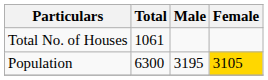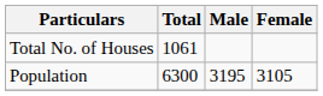 <table class="wikitable sortable">
 <tr>
 <th>Particulars</th>
 <th>Total</th>
 <th>Male</th>
 <th>Female</th>
 </tr>
 <tr>
 <td>Total No. of Houses</td>
 <td>1061</td>
 <td></td>
 <td></td>
 </tr>
 <tr>
 <td>Population</td>
 <td>6300</td>
 <td>3195</td>
-<td style="background: gold;">3105</td>
+<td>3105</td>
 </tr>
 <tr>
 </tr>
 </table>
